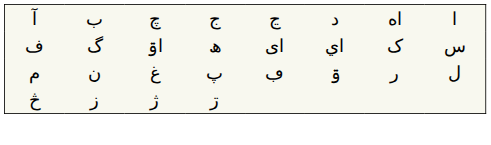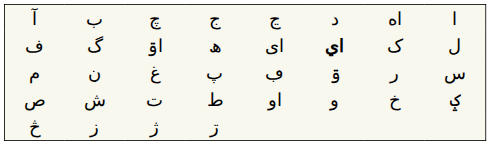 <table style="font-family:Arial Unicode MS; font-size:1.4em; border-color:#000000; border-width:1px; border-style:solid; border-collapse:collapse; background-color:#F8F8EF">
 <tr>
 <td style="width:3em; text-align:center; padding: 3px;">آ</td>
 <td style="width:3em; text-align:center; padding: 3px;">ب</td>
 <td style="width:3em; text-align:center; padding: 3px;">چ</td>
 <td style="width:3em; text-align:center; padding: 3px;">ج</td>
 <td style="width:3em; text-align:center; padding: 3px;">ڃ</td>
 <td style="width:3em; text-align:center; padding: 3px;">د</td>
 <td style="width:3em; text-align:center; padding: 3px;">اه</td>
 <td style="width:3em; text-align:center; padding: 3px;">ا</td>
 </tr>
 <tr>
 <td style="width:3em; text-align:center; padding: 3px;">ف</td>
 <td style="width:3em; text-align:center; padding: 3px;">گ</td>
 <td style="width:3em; text-align:center; padding: 3px;">اۊ</td>
 <td style="width:3em; text-align:center; padding: 3px;">ھ</td>
 <td style="width:3em; text-align:center; padding: 3px;">اى</td>
-<td style="width:3em; text-align:center; padding: 3px;">اي</td>
+<td style="width:3em; text-align:center; padding: 3px;"><strong>اي</strong></td>
 <td style="width:3em; text-align:center; padding: 3px;">ک</td>
-<td style="width:3em; text-align:center; padding: 3px;">س</td>
+<td style="width:3em; text-align:center; padding: 3px;">ل</td>
 </tr>
 <tr>
 <td style="width:3em; text-align:center; padding: 3px;">م</td>
 <td style="width:3em; text-align:center; padding: 3px;">ن</td>
 <td style="width:3em; text-align:center; padding: 3px;">غ</td>
 <td style="width:3em; text-align:center; padding: 3px;">پ</td>
 <td style="width:3em; text-align:center; padding: 3px;">ڢ</td>
 <td style="width:3em; text-align:center; padding: 3px;">ۊ</td>
 <td style="width:3em; text-align:center; padding: 3px;">ر</td>
-<td style="width:3em; text-align:center; padding: 3px;">ل</td>
+<td style="width:3em; text-align:center; padding: 3px;">س</td>
+</tr>
+<tr>
+<td style="width:3em; text-align:center; padding: 3px;">ص</td>
+<td style="width:3em; text-align:center; padding: 3px;">ش</td>
+<td style="width:3em; text-align:center; padding: 3px;">ت</td>
+<td style="width:3em; text-align:center; padding: 3px;">ط</td>
+<td style="width:3em; text-align:center; padding: 3px;">او</td>
+<td style="width:3em; text-align:center; padding: 3px;">و</td>
+<td style="width:3em; text-align:center; padding: 3px;">خ</td>
+<td style="width:3em; text-align:center; padding: 3px;">ݤ</td>
 </tr>
 <tr>
 <td style="width:3em; text-align:center; padding: 3px;">څ</td>
 <td style="width:3em; text-align:center; padding: 3px;">ز</td>
 <td style="width:3em; text-align:center; padding: 3px;">ژ</td>
 <td style="width:3em; text-align:center; padding: 3px;">ڗ</td>
 </tr>
 </table>
